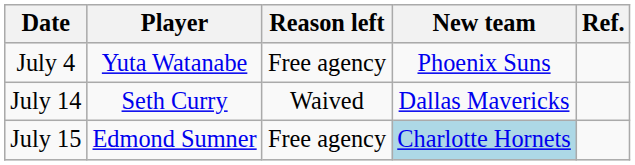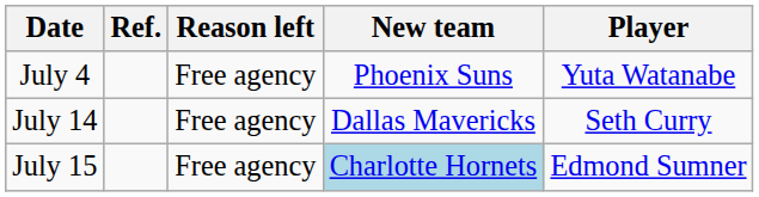 <table class="wikitable sortable sortable" style="text-align: center">
 <tr>
 <th>Date</th>
-<th>Player</th>
+<th>Ref.</th>
 <th>Reason left</th>
 <th>New team</th>
-<th>Ref.</th>
+<th>Player</th>
 </tr>
 <tr>
 <td>July 4</td>
-<td><a href='#'>Yuta Watanabe</a></td>
+<td></td>
 <td>Free agency</td>
 <td><a href='#'>Phoenix Suns</a></td>
-<td></td>
+<td><a href='#'>Yuta Watanabe</a></td>
 </tr>
 <tr>
 <td>July 14</td>
+<td></td>
+<td>Free agency</td>
+<td><a href='#'>Dallas Mavericks</a></td>
 <td><a href='#'>Seth Curry</a></td>
-<td>Waived</td>
-<td><a href='#'>Dallas Mavericks</a></td>
-<td></td>
 </tr>
 <tr>
 <td>July 15</td>
-<td><a href='#'>Edmond Sumner</a></td>
+<td></td>
 <td>Free agency</td>
 <td style="background: lightblue;"><a href='#'>Charlotte Hornets</a></td>
-<td></td>
+<td><a href='#'>Edmond Sumner</a></td>
 </tr>
 </table>
